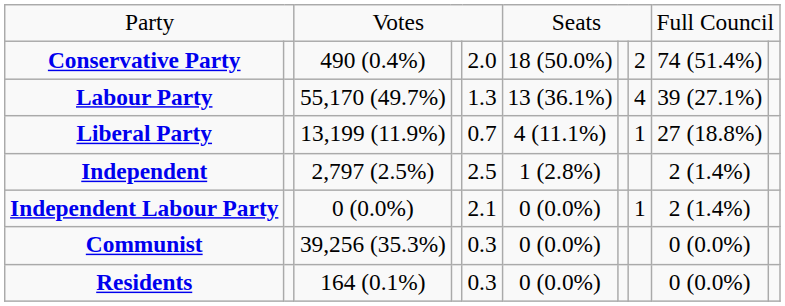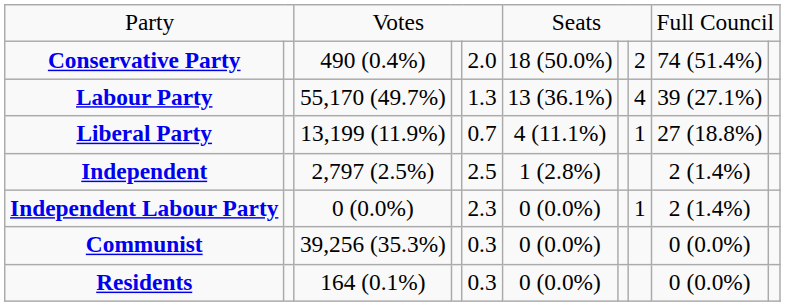 <table class=wikitable style="text-align:center;">
 <tr>
 <td colspan=2>Party</td>
 <td colspan=3>Votes</td>
 <td colspan=3>Seats</td>
 <td colspan=3>Full Council</td>
 </tr>
 <tr>
 <td><strong><a href='#'>Conservative Party</a></strong></td>
 <td style="background:"></td>
 <td>490 (0.4%)</td>
 <td></td>
 <td> 2.0</td>
 <td>18 (50.0%)</td>
 <td></td>
 <td> 2</td>
 <td>74 (51.4%)</td>
 <td></td>
 </tr>
 <tr>
 <td><strong><a href='#'>Labour Party</a></strong></td>
 <td style="background:"></td>
 <td>55,170 (49.7%)</td>
 <td></td>
 <td> 1.3</td>
 <td>13 (36.1%)</td>
 <td></td>
 <td> 4</td>
 <td>39 (27.1%)</td>
 <td></td>
 </tr>
 <tr>
 <td><strong><a href='#'>Liberal Party</a></strong></td>
 <td style="background:"></td>
 <td>13,199 (11.9%)</td>
 <td></td>
 <td> 0.7</td>
 <td>4 (11.1%)</td>
 <td></td>
 <td> 1</td>
 <td>27 (18.8%)</td>
 <td></td>
 </tr>
 <tr>
 <td><strong><a href='#'>Independent</a></strong></td>
 <td style="background:"></td>
 <td>2,797 (2.5%)</td>
 <td></td>
 <td> 2.5</td>
 <td>1 (2.8%)</td>
 <td></td>
 <td></td>
 <td>2 (1.4%)</td>
 <td></td>
 </tr>
 <tr>
 <td><strong><a href='#'>Independent Labour Party</a></strong></td>
 <td style="background:"></td>
 <td>0 (0.0%)</td>
 <td></td>
-<td> 2.1</td>
+<td> 2.3</td>
 <td>0 (0.0%)</td>
 <td></td>
 <td> 1</td>
 <td>2 (1.4%)</td>
 <td></td>
 </tr>
 <tr>
 <td><strong><a href='#'>Communist</a></strong></td>
 <td style="background:"></td>
 <td>39,256 (35.3%)</td>
 <td></td>
 <td> 0.3</td>
 <td>0 (0.0%)</td>
 <td></td>
 <td></td>
 <td>0 (0.0%)</td>
 <td></td>
 </tr>
 <tr>
 <td><strong><a href='#'>Residents</a></strong></td>
 <td style="background:"></td>
 <td>164 (0.1%)</td>
 <td></td>
 <td> 0.3</td>
 <td>0 (0.0%)</td>
 <td></td>
 <td></td>
 <td>0 (0.0%)</td>
 <td></td>
 </tr>
 </table>
